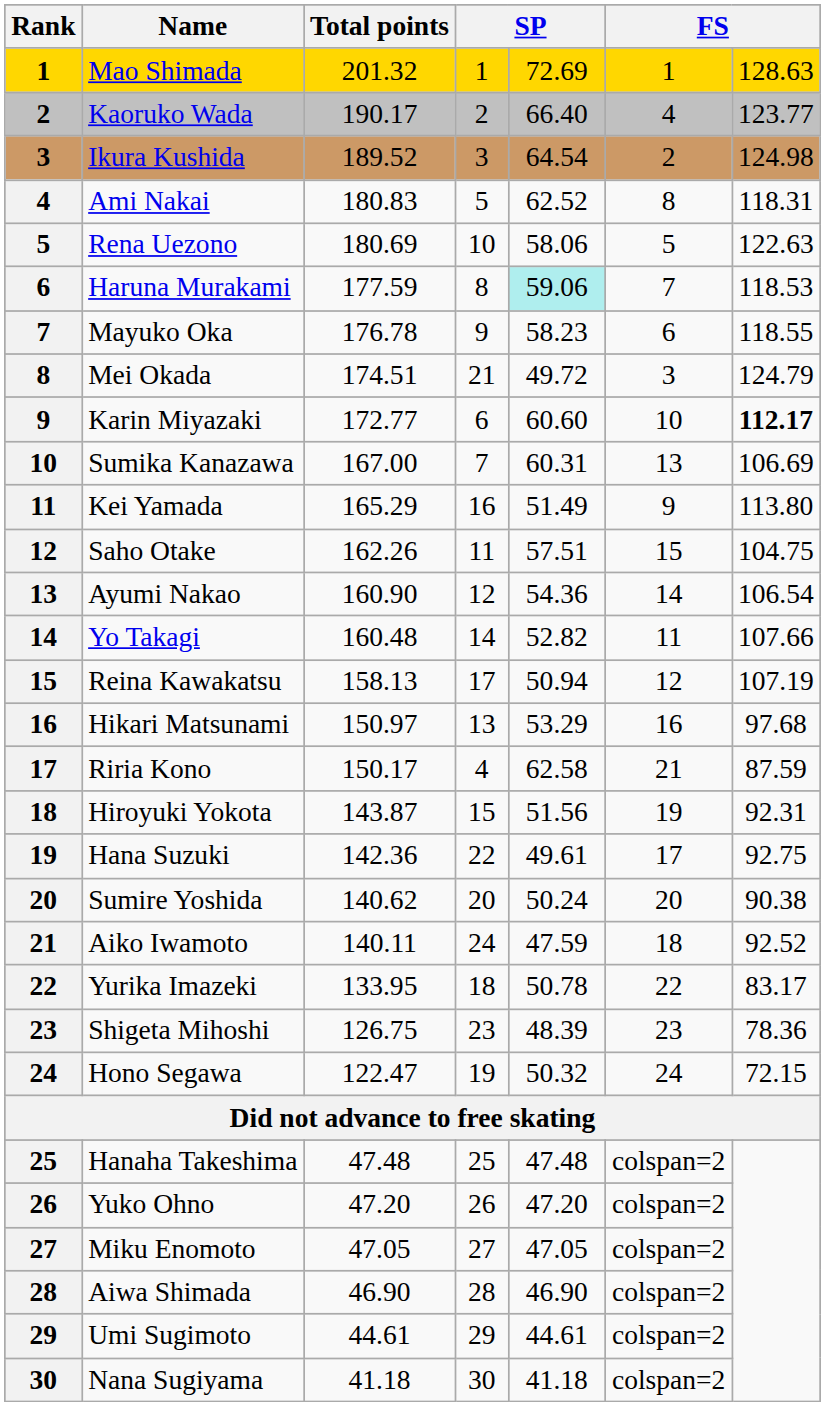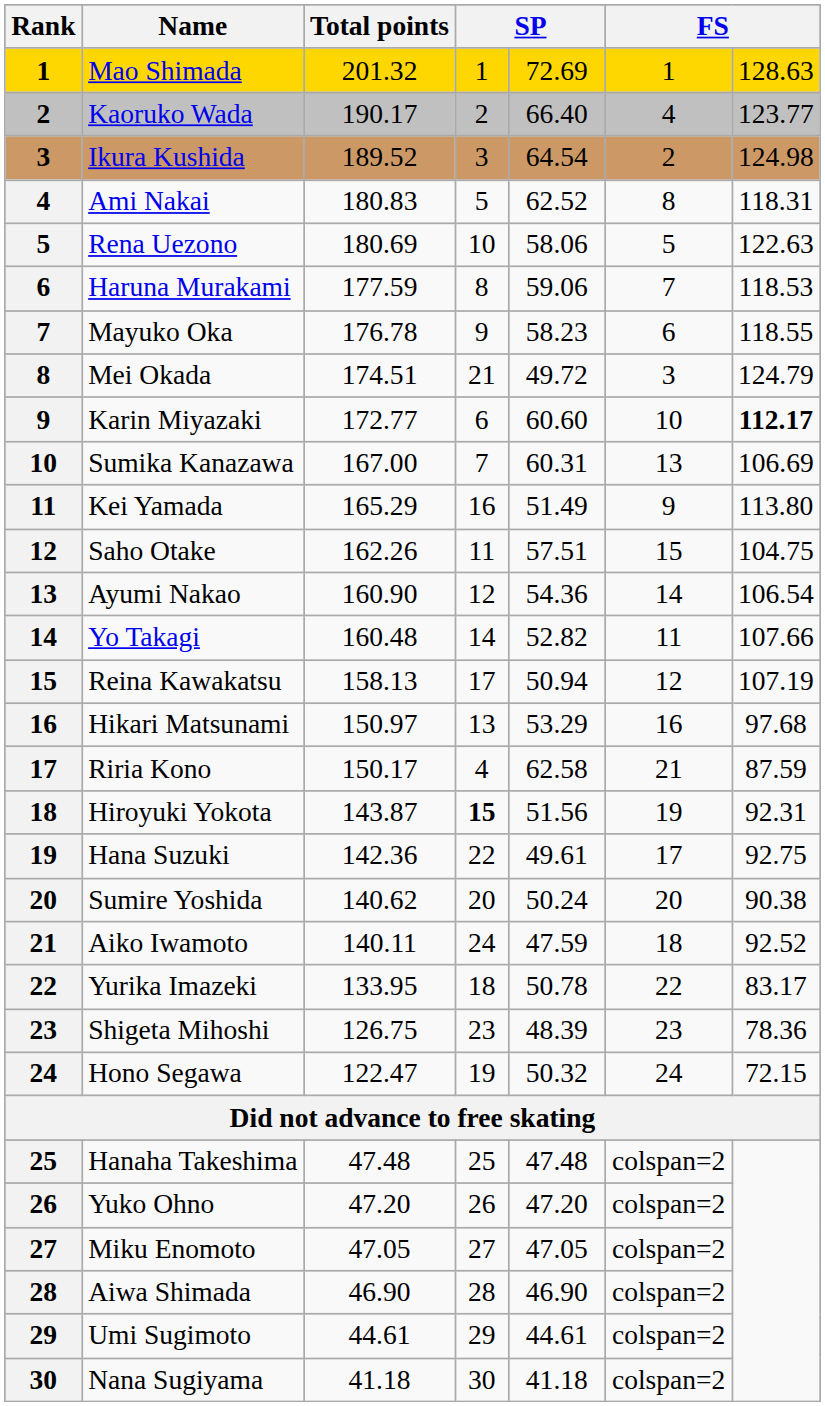 <table class="wikitable sortable">
 <tr>
 <th>Rank</th>
 <th>Name</th>
 <th>Total points</th>
 <th colspan="2" width="80px"><a href='#'>SP</a></th>
 <th colspan="2" width="80px"><a href='#'>FS</a></th>
 </tr>
 <tr bgcolor="gold">
 <td align="center"><strong>1</strong></td>
 <td><a href='#'>Mao Shimada</a></td>
 <td align="center">201.32</td>
 <td align="center">1</td>
 <td align="center">72.69</td>
 <td align="center">1</td>
 <td align="center">128.63</td>
 </tr>
 <tr bgcolor="silver">
 <td align="center"><strong>2</strong></td>
 <td><a href='#'>Kaoruko Wada</a></td>
 <td align="center">190.17</td>
 <td align="center">2</td>
 <td align="center">66.40</td>
 <td align="center">4</td>
 <td align="center">123.77</td>
 </tr>
 <tr bgcolor="cc9966">
 <td align="center"><strong>3</strong></td>
 <td><a href='#'>Ikura Kushida</a></td>
 <td align="center">189.52</td>
 <td align="center">3</td>
 <td align="center">64.54</td>
 <td align="center">2</td>
 <td align="center">124.98</td>
 </tr>
 <tr>
 <th>4</th>
 <td><a href='#'>Ami Nakai</a></td>
 <td align="center">180.83</td>
 <td align="center">5</td>
 <td align="center">62.52</td>
 <td align="center">8</td>
 <td align="center">118.31</td>
 </tr>
 <tr>
 <th>5</th>
 <td><a href='#'>Rena Uezono</a></td>
 <td align="center">180.69</td>
 <td align="center">10</td>
 <td align="center">58.06</td>
 <td align="center">5</td>
 <td align="center">122.63</td>
 </tr>
 <tr>
 <th>6</th>
 <td><a href='#'>Haruna Murakami</a></td>
 <td align="center">177.59</td>
 <td align="center">8</td>
-<td align="center" style="background: paleturquoise;">59.06</td>
+<td align="center">59.06</td>
 <td align="center">7</td>
 <td align="center">118.53</td>
 </tr>
 <tr>
 <th>7</th>
 <td>Mayuko Oka</td>
 <td align="center">176.78</td>
 <td align="center">9</td>
 <td align="center">58.23</td>
 <td align="center">6</td>
 <td align="center">118.55</td>
 </tr>
 <tr>
 <th>8</th>
 <td>Mei Okada</td>
 <td align="center">174.51</td>
 <td align="center">21</td>
 <td align="center">49.72</td>
 <td align="center">3</td>
 <td align="center">124.79</td>
 </tr>
 <tr>
 <th>9</th>
 <td>Karin Miyazaki</td>
 <td align="center">172.77</td>
 <td align="center">6</td>
 <td align="center">60.60</td>
 <td align="center">10</td>
 <td align="center"><strong>112.17</strong></td>
 </tr>
 <tr>
 <th>10</th>
 <td>Sumika Kanazawa</td>
 <td align="center">167.00</td>
 <td align="center">7</td>
 <td align="center">60.31</td>
 <td align="center">13</td>
 <td align="center">106.69</td>
 </tr>
 <tr>
 <th>11</th>
 <td>Kei Yamada</td>
 <td align="center">165.29</td>
 <td align="center">16</td>
 <td align="center">51.49</td>
 <td align="center">9</td>
 <td align="center">113.80</td>
 </tr>
 <tr>
 <th>12</th>
 <td>Saho Otake</td>
 <td align="center">162.26</td>
 <td align="center">11</td>
 <td align="center">57.51</td>
 <td align="center">15</td>
 <td align="center">104.75</td>
 </tr>
 <tr>
 <th>13</th>
 <td>Ayumi Nakao</td>
 <td align="center">160.90</td>
 <td align="center">12</td>
 <td align="center">54.36</td>
 <td align="center">14</td>
 <td align="center">106.54</td>
 </tr>
 <tr>
 <th>14</th>
 <td><a href='#'>Yo Takagi</a></td>
 <td align="center">160.48</td>
 <td align="center">14</td>
 <td align="center">52.82</td>
 <td align="center">11</td>
 <td align="center">107.66</td>
 </tr>
 <tr>
 <th>15</th>
 <td>Reina Kawakatsu</td>
 <td align="center">158.13</td>
 <td align="center">17</td>
 <td align="center">50.94</td>
 <td align="center">12</td>
 <td align="center">107.19</td>
 </tr>
 <tr>
 <th>16</th>
 <td>Hikari Matsunami</td>
 <td align="center">150.97</td>
 <td align="center">13</td>
 <td align="center">53.29</td>
 <td align="center">16</td>
 <td align="center">97.68</td>
 </tr>
 <tr>
 <th>17</th>
 <td>Riria Kono</td>
 <td align="center">150.17</td>
 <td align="center">4</td>
 <td align="center">62.58</td>
 <td align="center">21</td>
 <td align="center">87.59</td>
 </tr>
 <tr>
 <th>18</th>
 <td>Hiroyuki Yokota</td>
 <td align="center">143.87</td>
-<td align="center">15</td>
+<td align="center"><strong>15</strong></td>
 <td align="center">51.56</td>
 <td align="center">19</td>
 <td align="center">92.31</td>
 </tr>
 <tr>
 <th>19</th>
 <td>Hana Suzuki</td>
 <td align="center">142.36</td>
 <td align="center">22</td>
 <td align="center">49.61</td>
 <td align="center">17</td>
 <td align="center">92.75</td>
 </tr>
 <tr>
 <th>20</th>
 <td>Sumire Yoshida</td>
 <td align="center">140.62</td>
 <td align="center">20</td>
 <td align="center">50.24</td>
 <td align="center">20</td>
 <td align="center">90.38</td>
 </tr>
 <tr>
 <th>21</th>
 <td>Aiko Iwamoto</td>
 <td align="center">140.11</td>
 <td align="center">24</td>
 <td align="center">47.59</td>
 <td align="center">18</td>
 <td align="center">92.52</td>
 </tr>
 <tr>
 <th>22</th>
 <td>Yurika Imazeki</td>
 <td align="center">133.95</td>
 <td align="center">18</td>
 <td align="center">50.78</td>
 <td align="center">22</td>
 <td align="center">83.17</td>
 </tr>
 <tr>
 <th>23</th>
 <td>Shigeta Mihoshi</td>
 <td align="center">126.75</td>
 <td align="center">23</td>
 <td align="center">48.39</td>
 <td align="center">23</td>
 <td align="center">78.36</td>
 </tr>
 <tr>
 <th>24</th>
 <td>Hono Segawa</td>
 <td align="center">122.47</td>
 <td align="center">19</td>
 <td align="center">50.32</td>
 <td align="center">24</td>
 <td align="center">72.15</td>
 </tr>
 <tr>
 <th colspan=8>Did not advance to free skating</th>
 </tr>
 <tr>
 <th>25</th>
 <td>Hanaha Takeshima</td>
 <td align="center">47.48</td>
 <td align="center">25</td>
 <td align="center">47.48</td>
 <td>colspan=2 </td>
 </tr>
 <tr>
 <th>26</th>
 <td>Yuko Ohno</td>
 <td align="center">47.20</td>
 <td align="center">26</td>
 <td align="center">47.20</td>
 <td>colspan=2 </td>
 </tr>
 <tr>
 <th>27</th>
 <td>Miku Enomoto</td>
 <td align="center">47.05</td>
 <td align="center">27</td>
 <td align="center">47.05</td>
 <td>colspan=2 </td>
 </tr>
 <tr>
 <th>28</th>
 <td>Aiwa Shimada</td>
 <td align="center">46.90</td>
 <td align="center">28</td>
 <td align="center">46.90</td>
 <td>colspan=2 </td>
 </tr>
 <tr>
 <th>29</th>
 <td>Umi Sugimoto</td>
 <td align="center">44.61</td>
 <td align="center">29</td>
 <td align="center">44.61</td>
 <td>colspan=2 </td>
 </tr>
 <tr>
 <th>30</th>
 <td>Nana Sugiyama</td>
 <td align="center">41.18</td>
 <td align="center">30</td>
 <td align="center">41.18</td>
 <td>colspan=2 </td>
 </tr>
 </table>
